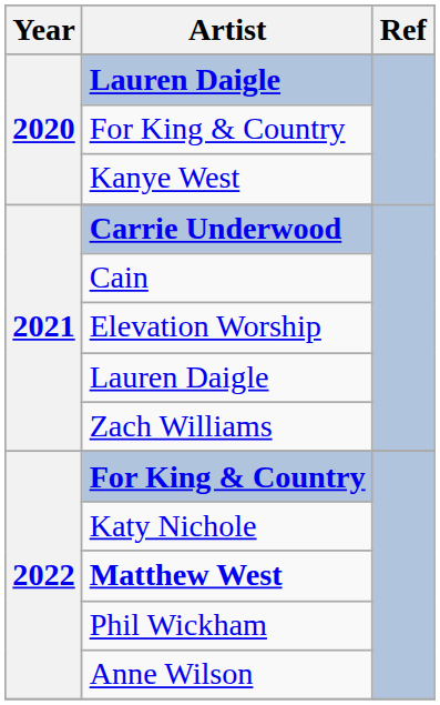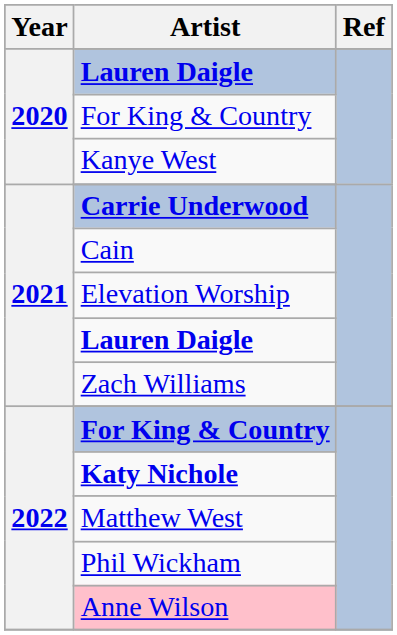 <table class="wikitable">
 <tr>
 <th>Year</th>
 <th>Artist</th>
 <th>Ref</th>
 </tr>
 <tr>
 <th rowspan="4" align="center"><a href='#'>2020<br></a></th>
 </tr>
 <tr style="background:#B0C4DE">
 <td><strong><a href='#'>Lauren Daigle</a></strong></td>
 <td rowspan="4" align="center"></td>
 </tr>
 <tr>
 <td><a href='#'>For King & Country</a></td>
 </tr>
 <tr>
 <td><a href='#'>Kanye West</a></td>
 </tr>
 <tr>
 <th rowspan="6" align="center"><a href='#'>2021<br></a></th>
 </tr>
 <tr style="background:#B0C4DE">
 <td><strong><a href='#'>Carrie Underwood</a></strong></td>
 <td rowspan="5" align="center"></td>
 </tr>
 <tr>
 <td><a href='#'>Cain</a></td>
 </tr>
 <tr>
 <td><a href='#'>Elevation Worship</a></td>
 </tr>
 <tr>
-<td><a href='#'>Lauren Daigle</a></td>
+<td><strong><a href='#'>Lauren Daigle</a></strong></td>
 </tr>
 <tr>
 <td><a href='#'>Zach Williams</a></td>
 </tr>
 <tr>
 <th rowspan="6" align="center"><a href='#'>2022<br></a></th>
 </tr>
 <tr style="background:#B0C4DE">
 <td><strong><a href='#'>For King & Country</a></strong></td>
 <td rowspan="5" align="center"></td>
 </tr>
 <tr>
-<td><a href='#'>Katy Nichole</a></td>
+<td><strong><a href='#'>Katy Nichole</a></strong></td>
 </tr>
 <tr>
-<td><strong><a href='#'>Matthew West</a></strong></td>
+<td><a href='#'>Matthew West</a></td>
 </tr>
 <tr>
 <td><a href='#'>Phil Wickham</a></td>
 </tr>
 <tr>
-<td><a href='#'>Anne Wilson</a></td>
+<td style="background: pink;"><a href='#'>Anne Wilson</a></td>
 </tr>
 <tr>
 </tr>
 </table>
